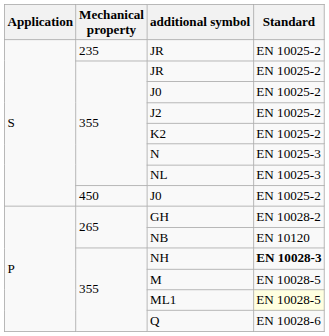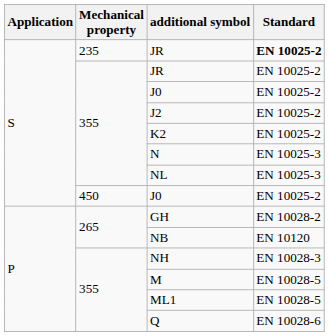 <table class="wikitable">
 <tr>
 <th>Application</th>
 <th>Mechanical<br>property</th>
 <th>additional symbol</th>
 <th>Standard</th>
 </tr>
 <tr>
 <td rowspan="8">S</td>
 <td>235</td>
 <td>JR</td>
-<td>EN 10025-2</td>
+<td><strong>EN 10025-2</strong></td>
 </tr>
 <tr>
 <td rowspan="6">355</td>
 <td>JR</td>
 <td>EN 10025-2</td>
 </tr>
 <tr>
 <td>J0</td>
 <td>EN 10025-2</td>
 </tr>
 <tr>
 <td>J2</td>
 <td>EN 10025-2</td>
 </tr>
 <tr>
 <td>K2</td>
 <td>EN 10025-2</td>
 </tr>
 <tr>
 <td>N</td>
 <td>EN 10025-3</td>
 </tr>
 <tr>
 <td>NL</td>
 <td>EN 10025-3</td>
 </tr>
 <tr>
 <td>450</td>
 <td>J0</td>
 <td>EN 10025-2</td>
 </tr>
 <tr>
 <td rowspan="6">P</td>
 <td rowspan="2">265</td>
 <td>GH</td>
 <td>EN 10028-2</td>
 </tr>
 <tr>
 <td>NB</td>
 <td>EN 10120</td>
 </tr>
 <tr>
 <td rowspan="4">355</td>
 <td>NH</td>
-<td><strong>EN 10028-3</strong></td>
+<td>EN 10028-3</td>
 </tr>
 <tr>
 <td>M</td>
 <td>EN 10028-5</td>
 </tr>
 <tr>
 <td>ML1</td>
-<td style="background: lightyellow;">EN 10028-5</td>
+<td>EN 10028-5</td>
 </tr>
 <tr>
 <td>Q</td>
 <td>EN 10028-6</td>
 </tr>
 </table>
